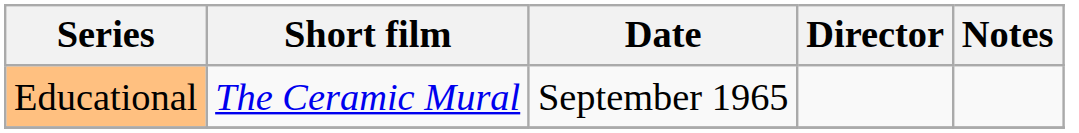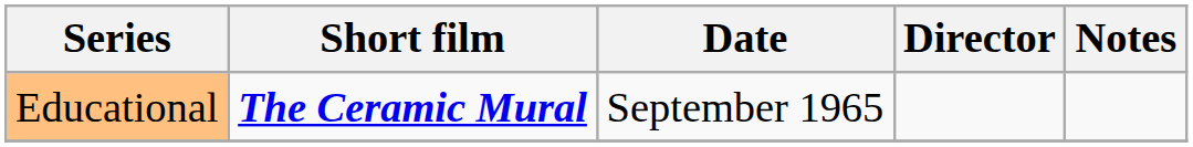 <table class="wikitable sortable">
 <tr>
 <th>Series</th>
 <th>Short film</th>
 <th>Date</th>
 <th>Director</th>
 <th>Notes</th>
 </tr>
 <tr>
 <td bgcolor="#ffc080">Educational</td>
-<td><em><a href='#'>The Ceramic Mural</a></em></td>
+<td><strong><em><a href='#'>The Ceramic Mural</a></em></strong></td>
 <td>September 1965</td>
 <td></td>
 <td></td>
 </tr>
 <tr>
 </tr>
 </table>
